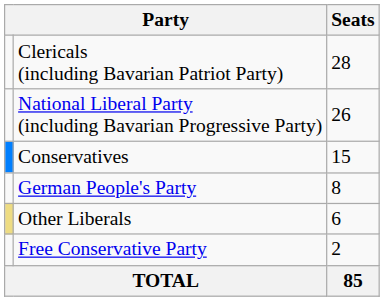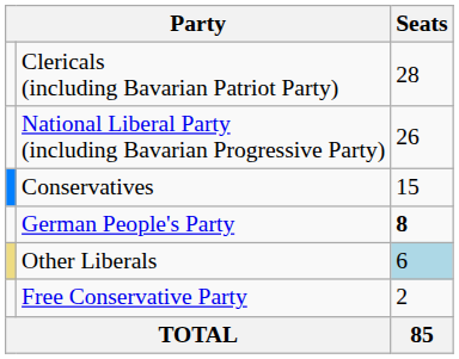 <table class="wikitable sortable">
 <tr>
 <th colspan="2">Party</th>
 <th>Seats</th>
 </tr>
 <tr>
 <td bgcolor=></td>
 <td>Clericals<br>(including Bavarian Patriot Party)</td>
 <td>28</td>
 </tr>
 <tr>
 <td bgcolor=></td>
 <td><a href='#'>National Liberal Party</a><br>(including Bavarian Progressive Party)</td>
 <td>26</td>
 </tr>
 <tr>
 <td bgcolor=#007FFF></td>
 <td>Conservatives</td>
 <td>15</td>
 </tr>
 <tr>
 <td bgcolor=></td>
 <td><a href='#'>German People's Party</a></td>
-<td>8</td>
+<td><strong>8</strong></td>
 </tr>
 <tr>
 <td bgcolor=#EEDC82></td>
 <td>Other Liberals</td>
-<td>6</td>
+<td style="background: lightblue;">6</td>
 </tr>
 <tr>
 <td bgcolor=></td>
 <td><a href='#'>Free Conservative Party</a></td>
 <td>2</td>
 </tr>
 <tr>
 <th colspan="2">TOTAL</th>
 <th>85</th>
 </tr>
 </table>
